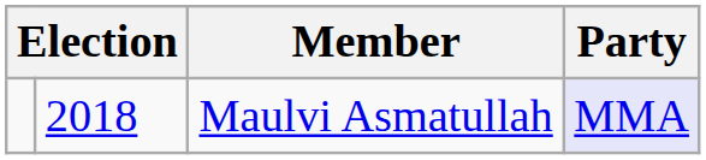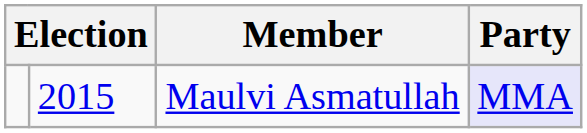 <table class="wikitable">
 <tr>
 <th colspan="2">Election</th>
 <th>Member</th>
 <th>Party</th>
 </tr>
 <tr>
 <td style="background-color: "></td>
-<td><a href='#'>2018</a></td>
+<td><a href='#'>2015</a></td>
 <td><a href='#'>Maulvi Asmatullah</a></td>
 <td style="background: lavender;"><a href='#'>MMA</a></td>
 </tr>
 </table>
